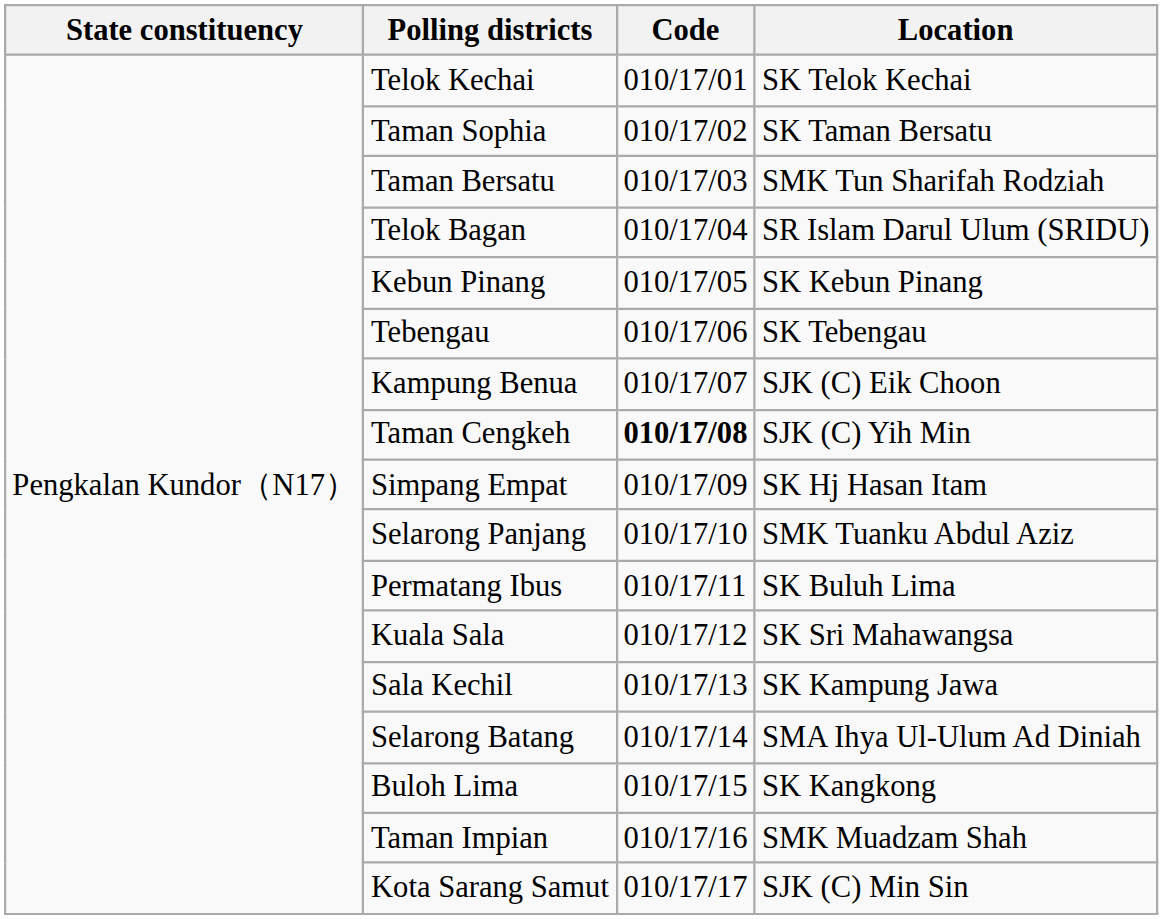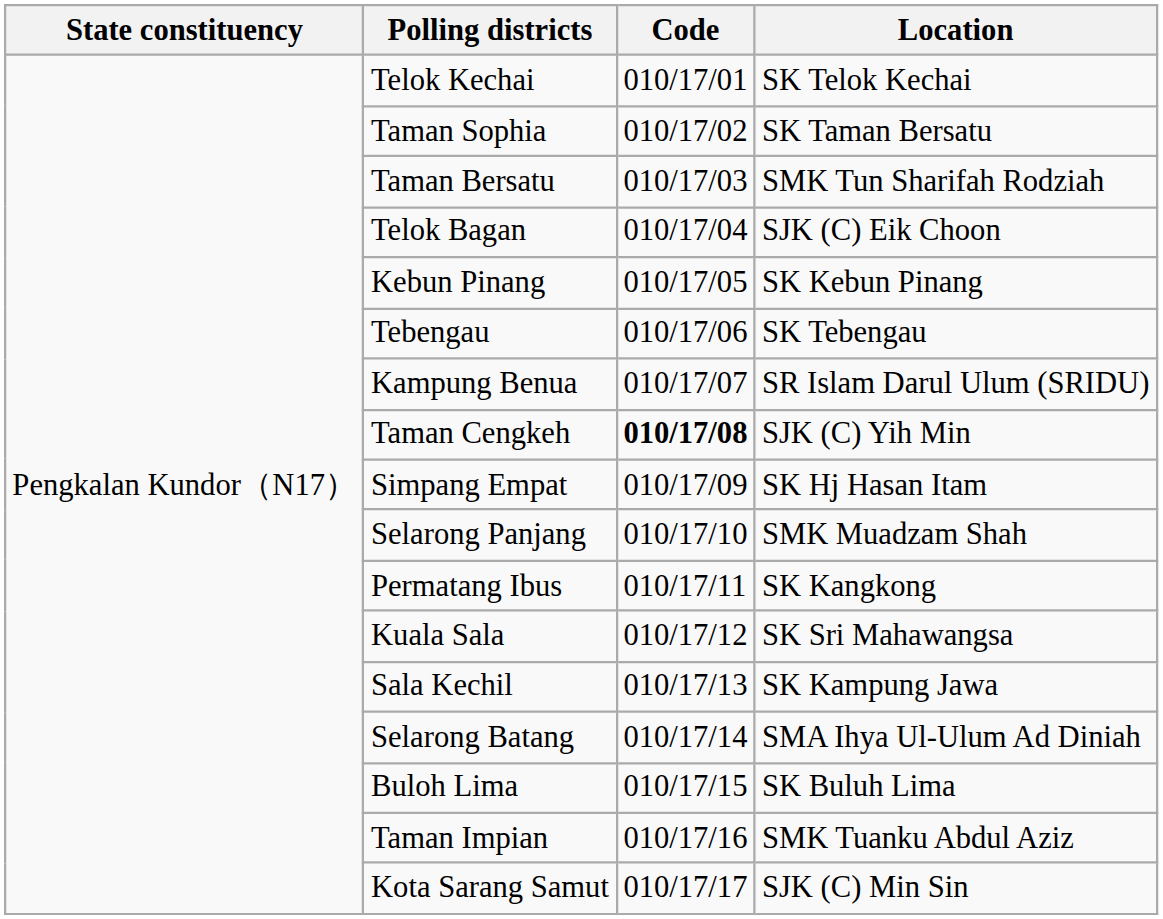 <table class="wikitable sortable mw-collapsible" style="white-space:nowrap;font-size:85%">
 <tr>
 <th>State constituency</th>
 <th>Polling districts</th>
 <th>Code</th>
 <th>Location</th>
 </tr>
 <tr>
 <td rowspan="17">Pengkalan Kundor（N17）</td>
 <td>Telok Kechai</td>
 <td>010/17/01</td>
 <td>SK Telok Kechai</td>
 </tr>
 <tr>
 <td>Taman Sophia</td>
 <td>010/17/02</td>
 <td>SK Taman Bersatu</td>
 </tr>
 <tr>
 <td>Taman Bersatu</td>
 <td>010/17/03</td>
 <td>SMK Tun Sharifah Rodziah</td>
 </tr>
 <tr>
 <td>Telok Bagan</td>
 <td>010/17/04</td>
-<td>SR Islam Darul Ulum (SRIDU)</td>
+<td>SJK (C) Eik Choon</td>
 </tr>
 <tr>
 <td>Kebun Pinang</td>
 <td>010/17/05</td>
 <td>SK Kebun Pinang</td>
 </tr>
 <tr>
 <td>Tebengau</td>
 <td>010/17/06</td>
 <td>SK Tebengau</td>
 </tr>
 <tr>
 <td>Kampung Benua</td>
 <td>010/17/07</td>
-<td>SJK (C) Eik Choon</td>
+<td>SR Islam Darul Ulum (SRIDU)</td>
 </tr>
 <tr>
 <td>Taman Cengkeh</td>
 <td><strong>010/17/08</strong></td>
 <td>SJK (C) Yih Min</td>
 </tr>
 <tr>
 <td>Simpang Empat</td>
 <td>010/17/09</td>
 <td>SK Hj Hasan Itam</td>
 </tr>
 <tr>
 <td>Selarong Panjang</td>
 <td>010/17/10</td>
-<td>SMK Tuanku Abdul Aziz</td>
+<td>SMK Muadzam Shah</td>
 </tr>
 <tr>
 <td>Permatang Ibus</td>
 <td>010/17/11</td>
-<td>SK Buluh Lima</td>
+<td>SK Kangkong</td>
 </tr>
 <tr>
 <td>Kuala Sala</td>
 <td>010/17/12</td>
 <td>SK Sri Mahawangsa</td>
 </tr>
 <tr>
 <td>Sala Kechil</td>
 <td>010/17/13</td>
 <td>SK Kampung Jawa</td>
 </tr>
 <tr>
 <td>Selarong Batang</td>
 <td>010/17/14</td>
 <td>SMA Ihya Ul-Ulum Ad Diniah</td>
 </tr>
 <tr>
 <td>Buloh Lima</td>
 <td>010/17/15</td>
-<td>SK Kangkong</td>
+<td>SK Buluh Lima</td>
 </tr>
 <tr>
 <td>Taman Impian</td>
 <td>010/17/16</td>
-<td>SMK Muadzam Shah</td>
+<td>SMK Tuanku Abdul Aziz</td>
 </tr>
 <tr>
 <td>Kota Sarang Samut</td>
 <td>010/17/17</td>
 <td>SJK (C) Min Sin</td>
 </tr>
 </table>
